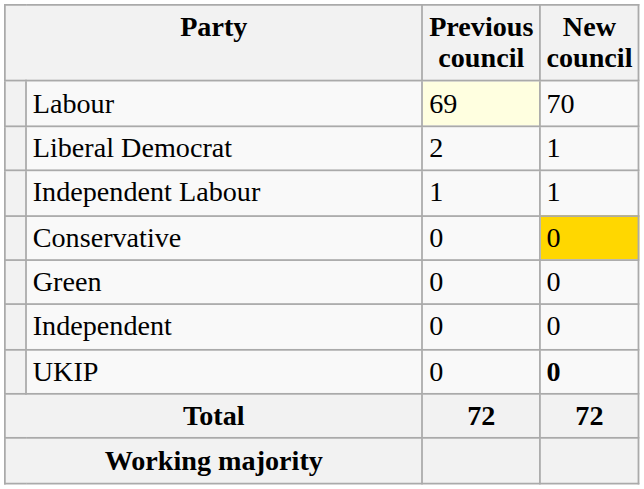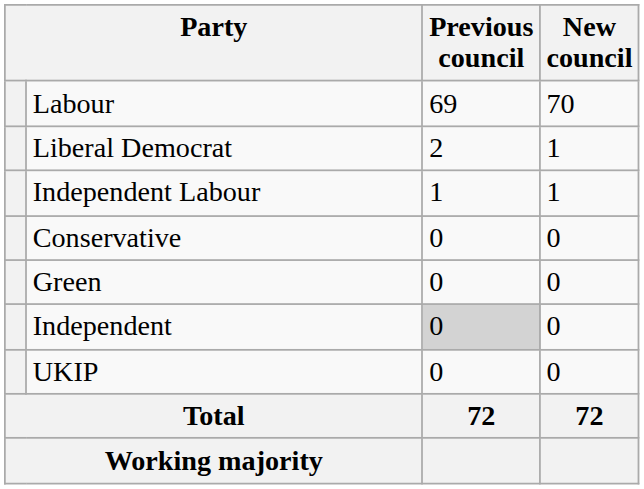 <table class="wikitable">
 <tr>
 <th valign=top colspan="2" style="width: 230px">Party</th>
 <th valign=top style="width: 30px">Previous council</th>
 <th valign=top style="width: 30px">New council</th>
 </tr>
 <tr>
 <th style="background-color: "></th>
 <td>Labour</td>
-<td style="background: lightyellow;">69</td>
+<td>69</td>
 <td>70</td>
 </tr>
 <tr>
 <th style="background-color: "></th>
 <td>Liberal Democrat</td>
 <td>2</td>
 <td>1</td>
 </tr>
 <tr>
 <th style="background-color: "></th>
 <td>Independent Labour</td>
 <td>1</td>
 <td>1</td>
 </tr>
 <tr>
 <th style="background-color: "></th>
 <td>Conservative</td>
 <td>0</td>
-<td style="background: gold;">0</td>
+<td>0</td>
 </tr>
 <tr>
 <th style="background-color: "></th>
 <td>Green</td>
 <td>0</td>
 <td>0</td>
 </tr>
 <tr>
 <th style="background-color: "></th>
 <td>Independent</td>
-<td>0</td>
+<td style="background: lightgrey;">0</td>
 <td>0</td>
 </tr>
 <tr>
 <th style="background-color: "></th>
 <td>UKIP</td>
 <td>0</td>
-<td><strong>0</strong></td>
+<td>0</td>
 </tr>
 <tr>
 <th colspan=2>Total</th>
 <th style="text-align: center">72</th>
 <th colspan=3>72</th>
 </tr>
 <tr>
 <th colspan=2>Working majority</th>
 <th></th>
 <th></th>
 </tr>
 </table>
